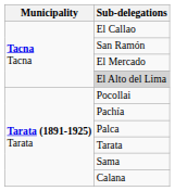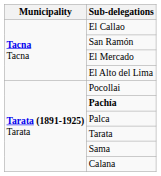 <table class="wikitable">
 <tr>
 <th>Municipality</th>
 <th>Sub-delegations</th>
 </tr>
 <tr>
 <td rowspan=4><strong><a href='#'>Tacna</a></strong><br>Tacna<br></td>
 <td>El Callao</td>
 </tr>
 <tr>
 <td>San Ramón</td>
 </tr>
 <tr>
 <td>El Mercado</td>
 </tr>
 <tr>
-<td style="background: lightgrey;">El Alto del Lima</td>
+<td>El Alto del Lima</td>
 </tr>
 <tr>
 <td rowspan=6><strong><a href='#'>Tarata</a> (1891-1925)</strong><br>Tarata<br></td>
 <td>Pocollai</td>
 </tr>
 <tr>
-<td>Pachía</td>
+<td><strong>Pachía</strong></td>
 </tr>
 <tr>
 <td>Palca</td>
 </tr>
 <tr>
 <td>Tarata</td>
 </tr>
 <tr>
 <td>Sama</td>
 </tr>
 <tr>
 <td>Calana</td>
 </tr>
 </table>
